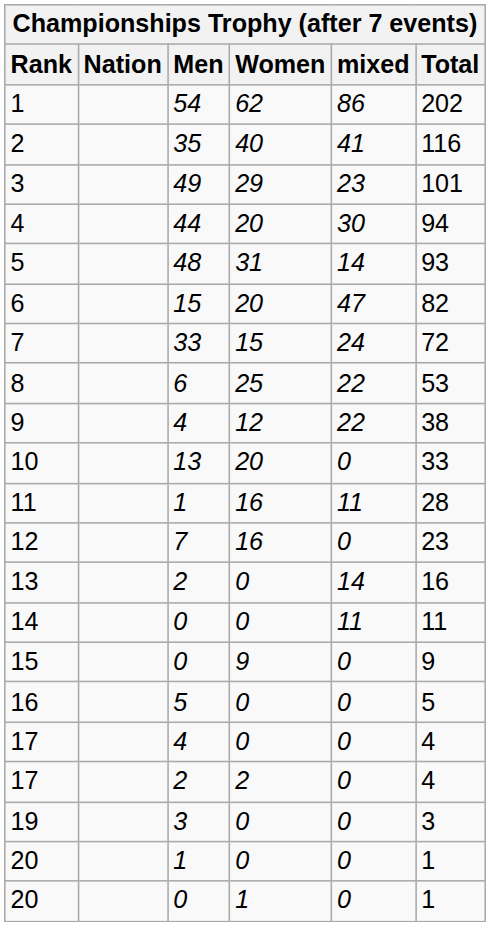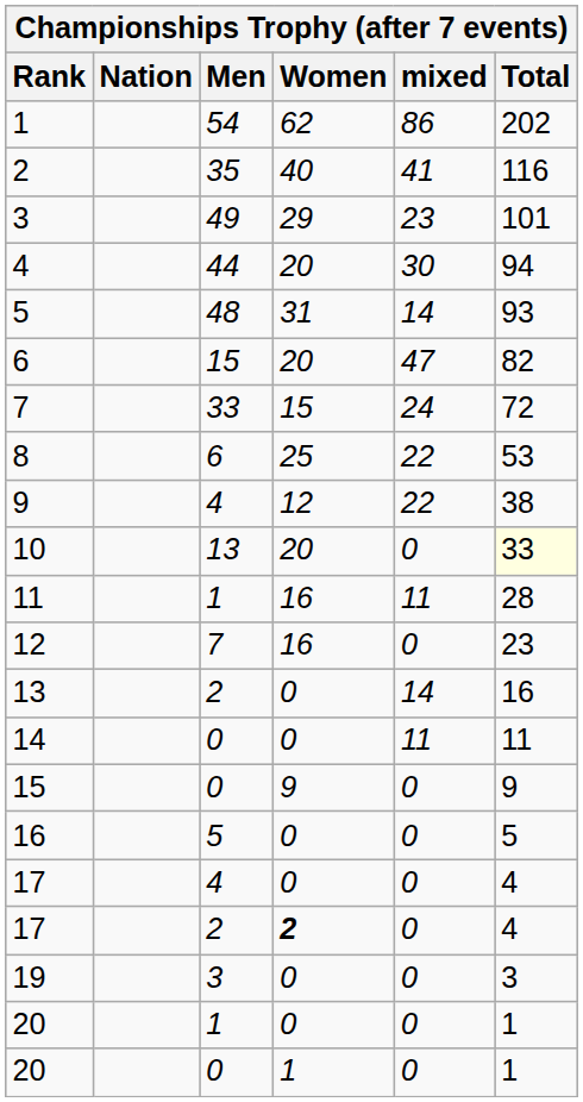 <table class="wikitable">
 <tr>
 <th colspan="6">Championships Trophy (after 7 events)</th>
 </tr>
 <tr>
 <th>Rank</th>
 <th>Nation</th>
 <th>Men</th>
 <th>Women</th>
 <th>mixed</th>
 <th>Total</th>
 </tr>
 <tr>
 <td>1</td>
 <td></td>
 <td><em>54</em></td>
 <td><em>62</em></td>
 <td><em>86</em></td>
 <td>202</td>
 </tr>
 <tr>
 <td>2</td>
 <td></td>
 <td><em>35</em></td>
 <td><em>40</em></td>
 <td><em>41</em></td>
 <td>116</td>
 </tr>
 <tr>
 <td>3</td>
 <td></td>
 <td><em>49</em></td>
 <td><em>29</em></td>
 <td><em>23</em></td>
 <td>101</td>
 </tr>
 <tr>
 <td>4</td>
 <td></td>
 <td><em>44</em></td>
 <td><em>20</em></td>
 <td><em>30</em></td>
 <td>94</td>
 </tr>
 <tr>
 <td>5</td>
 <td></td>
 <td><em>48</em></td>
 <td><em>31</em></td>
 <td><em>14</em></td>
 <td>93</td>
 </tr>
 <tr>
 <td>6</td>
 <td></td>
 <td><em>15</em></td>
 <td><em>20</em></td>
 <td><em>47</em></td>
 <td>82</td>
 </tr>
 <tr>
 <td>7</td>
 <td></td>
 <td><em>33</em></td>
 <td><em>15</em></td>
 <td><em>24</em></td>
 <td>72</td>
 </tr>
 <tr>
 <td>8</td>
 <td></td>
 <td><em>6</em></td>
 <td><em>25</em></td>
 <td><em>22</em></td>
 <td>53</td>
 </tr>
 <tr>
 <td>9</td>
 <td></td>
 <td><em>4</em></td>
 <td><em>12</em></td>
 <td><em>22</em></td>
 <td>38</td>
 </tr>
 <tr>
 <td>10</td>
 <td></td>
 <td><em>13</em></td>
 <td><em>20</em></td>
 <td><em>0</em></td>
-<td>33</td>
+<td style="background: lightyellow;">33</td>
 </tr>
 <tr>
 <td>11</td>
 <td></td>
 <td><em>1</em></td>
 <td><em>16</em></td>
 <td><em>11</em></td>
 <td>28</td>
 </tr>
 <tr>
 <td>12</td>
 <td></td>
 <td><em>7</em></td>
 <td><em>16</em></td>
 <td><em>0</em></td>
 <td>23</td>
 </tr>
 <tr>
 <td>13</td>
 <td></td>
 <td><em>2</em></td>
 <td><em>0</em></td>
 <td><em>14</em></td>
 <td>16</td>
 </tr>
 <tr>
 <td>14</td>
 <td></td>
 <td><em>0</em></td>
 <td><em>0</em></td>
 <td><em>11</em></td>
 <td>11</td>
 </tr>
 <tr>
 <td>15</td>
 <td></td>
 <td><em>0</em></td>
 <td><em>9</em></td>
 <td><em>0</em></td>
 <td>9</td>
 </tr>
 <tr>
 <td>16</td>
 <td></td>
 <td><em>5</em></td>
 <td><em>0</em></td>
 <td><em>0</em></td>
 <td>5</td>
 </tr>
 <tr>
 <td>17</td>
 <td></td>
 <td><em>4</em></td>
 <td><em>0</em></td>
 <td><em>0</em></td>
 <td>4</td>
 </tr>
 <tr>
 <td>17</td>
 <td></td>
 <td><em>2</em></td>
-<td><em>2</em></td>
+<td><strong><em>2</em></strong></td>
 <td><em>0</em></td>
 <td>4</td>
 </tr>
 <tr>
 <td>19</td>
 <td></td>
 <td><em>3</em></td>
 <td><em>0</em></td>
 <td><em>0</em></td>
 <td>3</td>
 </tr>
 <tr>
 <td>20</td>
 <td></td>
 <td><em>1</em></td>
 <td><em>0</em></td>
 <td><em>0</em></td>
 <td>1</td>
 </tr>
 <tr>
 <td>20</td>
 <td></td>
 <td><em>0</em></td>
 <td><em>1</em></td>
 <td><em>0</em></td>
 <td>1</td>
 </tr>
 </table>
